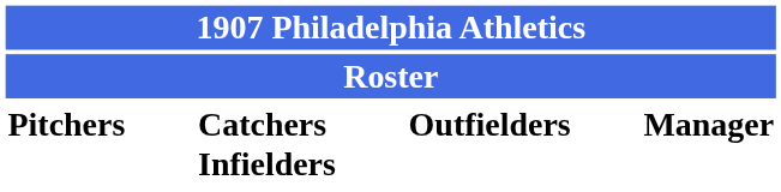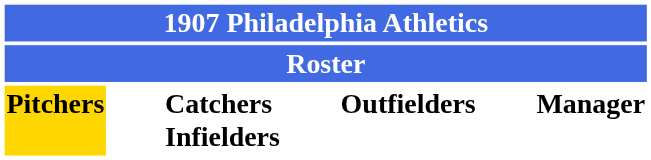 <table class="toccolours" style="font-size: 95%;">
 <tr>
 <th colspan="10" style="background-color: #4169e1; color: white; text-align: center;">1907 Philadelphia Athletics</th>
 </tr>
 <tr>
 <td colspan="10" style="background-color: #4169e1; color: white; text-align: center;"><strong>Roster</strong></td>
 </tr>
 <tr>
-<td valign="top"><strong>Pitchers</strong><br>         </td>
+<td valign="top" style="background: gold;"><strong>Pitchers</strong><br>         </td>
 <td width="25px"></td>
 <td valign="top"><strong>Catchers</strong><br>   <strong>Infielders</strong>       </td>
 <td width="25px"></td>
 <td valign="top"><strong>Outfielders</strong><br>   </td>
 <td width="25px"></td>
 <td valign="top"><strong>Manager</strong><br></td>
 </tr>
 </table>
